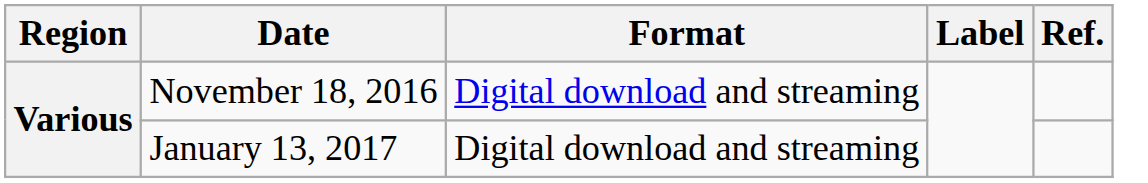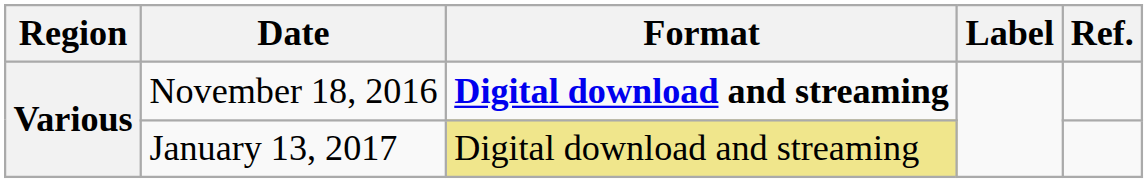 <table class="wikitable plainrowheaders">
 <tr>
 <th scope="col">Region</th>
 <th scope="col">Date</th>
 <th scope="col">Format</th>
 <th scope="col">Label</th>
 <th scope="col">Ref.</th>
 </tr>
 <tr>
 <th scope="row" rowspan="2">Various</th>
 <td>November 18, 2016</td>
-<td><a href='#'>Digital download</a> and streaming</td>
+<td><strong><a href='#'>Digital download</a> and streaming</strong></td>
 <td rowspan="2"></td>
 <td></td>
 </tr>
 <tr>
 <td>January 13, 2017</td>
-<td>Digital download and streaming<br></td>
+<td style="background: khaki;">Digital download and streaming<br></td>
 <td></td>
 </tr>
 </table>
